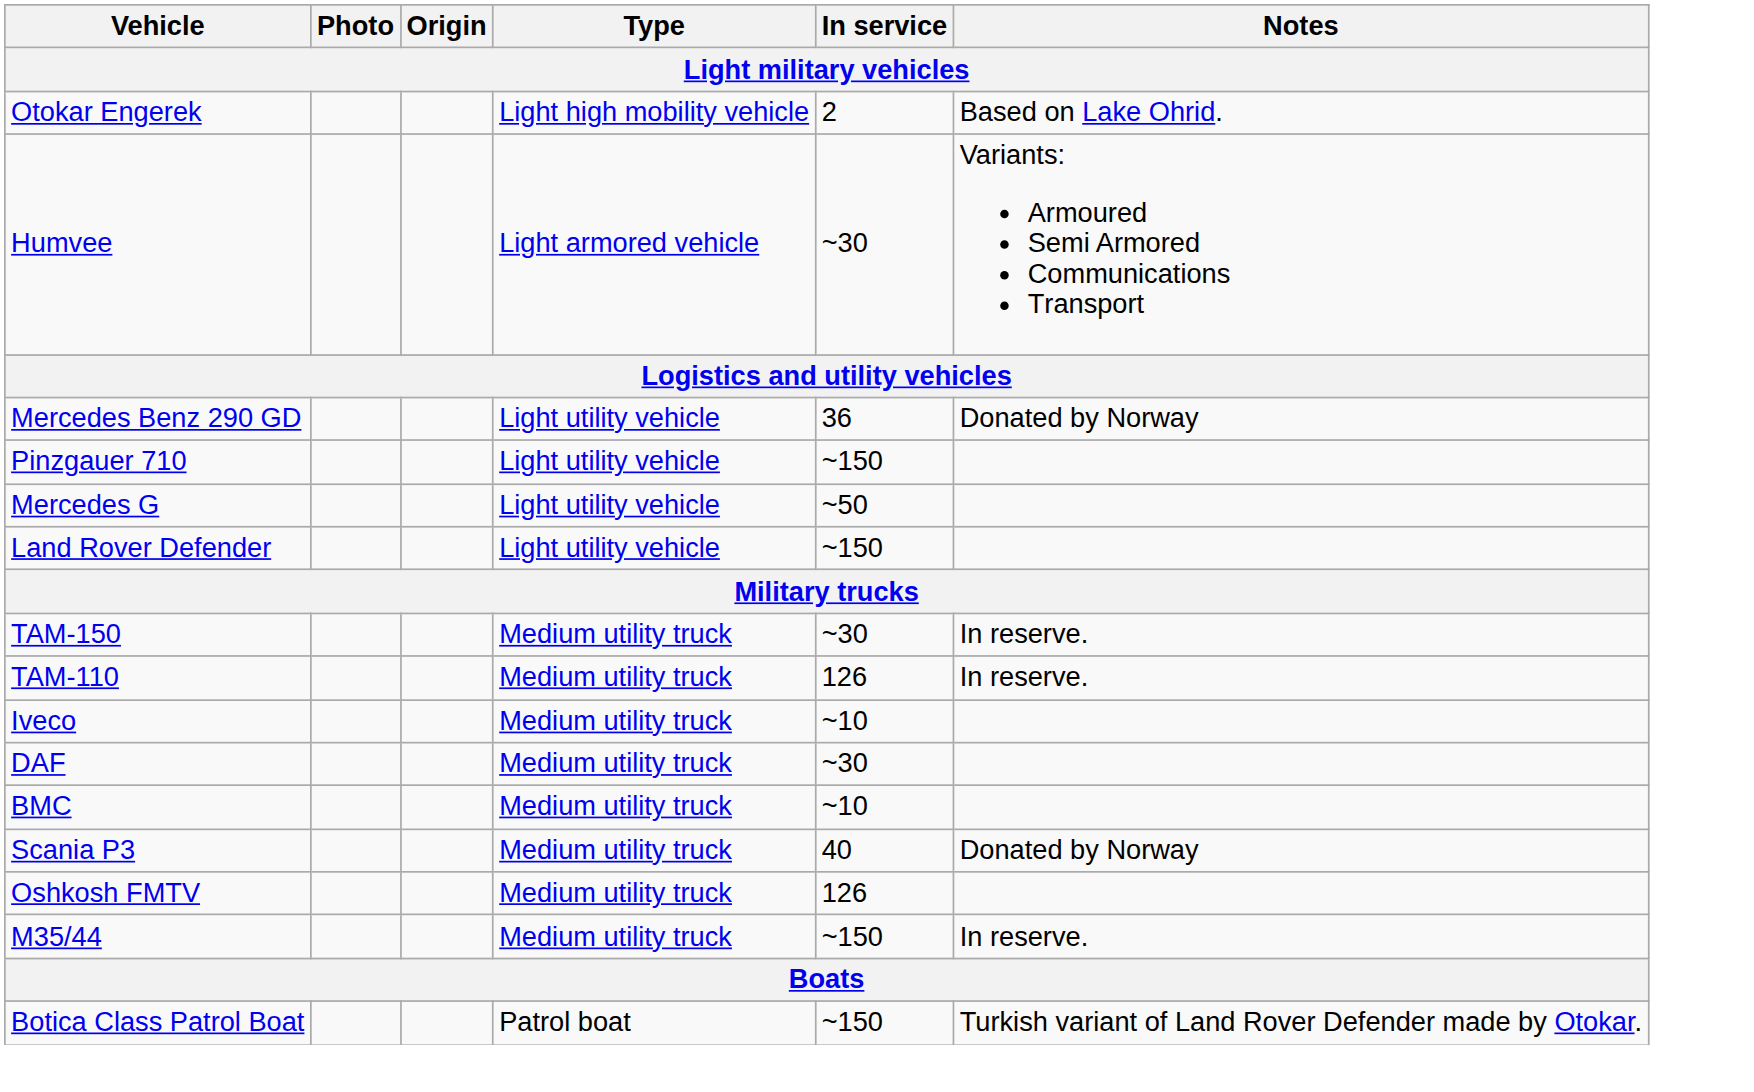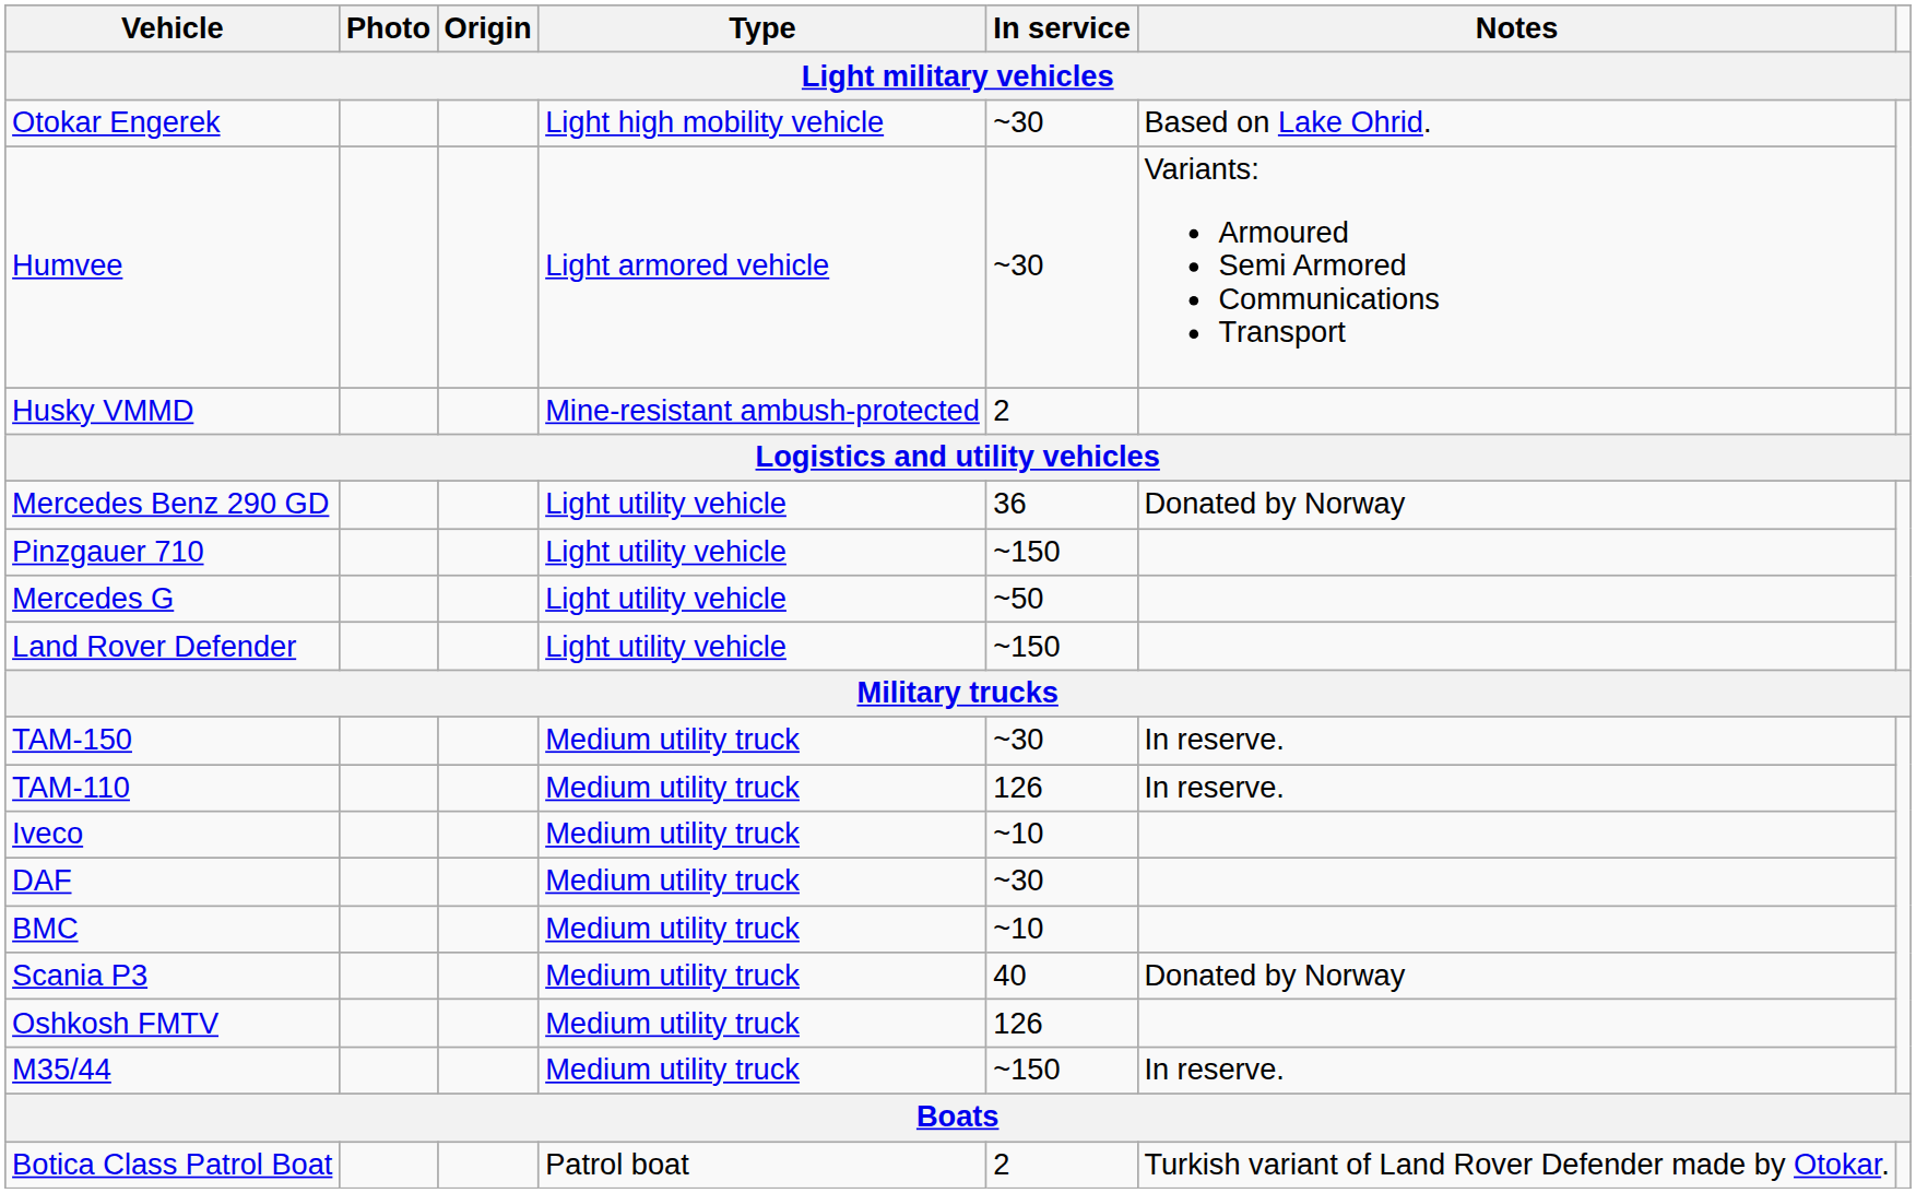 <table class="wikitable">
 <tr>
 <th>Vehicle</th>
 <th>Photo</th>
 <th>Origin</th>
 <th>Type</th>
 <th>In service</th>
 <th>Notes</th>
 </tr>
 <tr>
 <th colspan="7"><a href='#'>Light military vehicles</a></th>
 </tr>
 <tr>
 <td><a href='#'>Otokar Engerek</a></td>
 <td></td>
 <td></td>
 <td><a href='#'>Light high mobility vehicle</a></td>
-<td>2</td>
+<td>~30</td>
 <td>Based on <a href='#'>Lake Ohrid</a>.</td>
 </tr>
 <tr>
 <td><a href='#'>Humvee</a></td>
 <td></td>
 <td></td>
 <td><a href='#'>Light armored vehicle</a></td>
 <td>~30</td>
 <td>Variants:<br><ul><li>Armoured</li><li>Semi Armored</li><li>Communications</li><li>Тransport</li></ul></td>
+</tr>
+<tr>
+<td><a href='#'>Husky VMMD</a></td>
+<td></td>
+<td></td>
+<td><a href='#'>Mine-resistant ambush-protected</a></td>
+<td>2</td>
+<td></td>
+<td></td>
 </tr>
 <tr>
 <th colspan="7"><a href='#'>Logistics and utility vehicles</a></th>
 </tr>
 <tr>
 <td><a href='#'>Mercedes Benz 290 GD</a></td>
 <td></td>
 <td></td>
 <td><a href='#'>Light utility vehicle</a></td>
 <td>36</td>
 <td>Donated by Norway</td>
 </tr>
 <tr>
 <td><a href='#'>Pinzgauer 710</a></td>
 <td></td>
 <td> <br> </td>
 <td><a href='#'>Light utility vehicle</a></td>
 <td>~150</td>
 <td></td>
 </tr>
 <tr>
 <td><a href='#'>Mercedes G</a></td>
 <td></td>
 <td></td>
 <td><a href='#'> Light utility vehicle</a></td>
 <td>~50</td>
 <td></td>
 </tr>
 <tr>
 <td><a href='#'>Land Rover Defender</a></td>
 <td></td>
 <td></td>
 <td><a href='#'> Light utility vehicle</a></td>
 <td>~150</td>
 <td></td>
 </tr>
 <tr>
 <th colspan="7" style="align: center;"><a href='#'>Military trucks</a></th>
 </tr>
 <tr>
 <td><a href='#'>TAM-150</a></td>
 <td></td>
 <td></td>
 <td><a href='#'>Medium utility truck</a></td>
 <td>~30</td>
 <td>In reserve.</td>
 </tr>
 <tr>
 <td><a href='#'>TAM-110</a></td>
 <td></td>
 <td></td>
 <td><a href='#'>Medium utility truck</a></td>
 <td>126</td>
 <td>In reserve.</td>
 </tr>
 <tr>
 <td><a href='#'>Iveco</a></td>
 <td></td>
 <td></td>
 <td><a href='#'>Medium utility truck</a></td>
 <td>~10</td>
 <td></td>
 </tr>
 <tr>
 <td><a href='#'>DAF</a></td>
 <td></td>
 <td></td>
 <td><a href='#'>Medium utility truck</a></td>
 <td>~30</td>
 <td></td>
 </tr>
 <tr>
 <td><a href='#'>BMC</a></td>
 <td></td>
 <td></td>
 <td><a href='#'>Medium utility truck</a></td>
 <td>~10</td>
 <td></td>
 </tr>
 <tr>
 <td><a href='#'>Scania P3</a></td>
 <td></td>
 <td> <br> </td>
 <td><a href='#'>Medium utility truck</a></td>
 <td>40</td>
 <td>Donated by Norway</td>
 </tr>
 <tr>
 <td><a href='#'>Oshkosh FMTV</a></td>
 <td></td>
 <td></td>
 <td><a href='#'>Medium utility truck</a></td>
 <td>126</td>
 <td></td>
 </tr>
 <tr>
 <td><a href='#'>M35/44</a></td>
 <td></td>
 <td></td>
 <td><a href='#'>Medium utility truck</a></td>
 <td>~150</td>
 <td>In reserve.</td>
 </tr>
 <tr>
 <th colspan="7"><a href='#'>Boats</a></th>
 </tr>
 <tr>
 <td><a href='#'>Botica Class Patrol Boat</a></td>
 <td></td>
 <td></td>
 <td>Patrol boat</td>
-<td>~150</td>
+<td>2 </td>
 <td>Turkish variant of Land Rover Defender made by <a href='#'>Otokar</a>.</td>
 </tr>
 </table>
